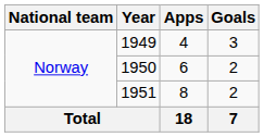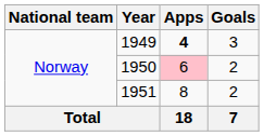 <table class="wikitable" style="text-align:center">
 <tr>
 <th>National team</th>
 <th>Year</th>
 <th>Apps</th>
 <th>Goals</th>
 </tr>
 <tr>
 <td rowspan="3"><a href='#'>Norway</a></td>
 <td>1949</td>
-<td>4</td>
+<td><strong>4</strong></td>
 <td>3</td>
 </tr>
 <tr>
 <td>1950</td>
-<td>6</td>
+<td style="background: pink;">6</td>
 <td>2</td>
 </tr>
 <tr>
 <td>1951</td>
 <td>8</td>
 <td>2</td>
 </tr>
 <tr>
 <th colspan="2">Total</th>
 <th>18</th>
 <th>7</th>
 </tr>
 </table>
